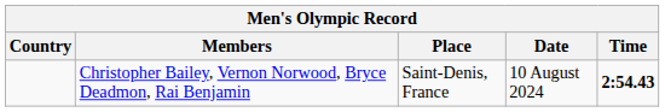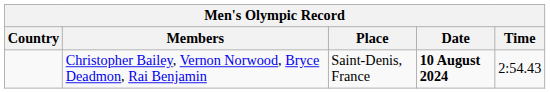 <table class="wikitable">
 <tr>
 <th colspan="5">Men's Olympic Record</th>
 </tr>
 <tr>
 <th>Country</th>
 <th>Members</th>
 <th>Place</th>
 <th>Date</th>
 <th>Time</th>
 </tr>
 <tr>
 <td></td>
 <td><a href='#'>Christopher Bailey</a>, <a href='#'>Vernon Norwood</a>, <a href='#'>Bryce Deadmon</a>, <a href='#'>Rai Benjamin</a></td>
 <td>Saint-Denis, France</td>
-<td>10 August 2024</td>
-<td><strong>2:54.43</strong></td>
+<td><strong>10 August 2024</strong></td>
+<td>2:54.43</td>
 </tr>
 </table>
